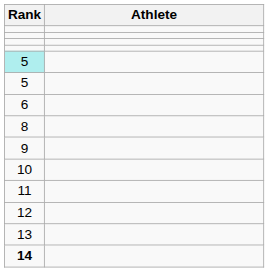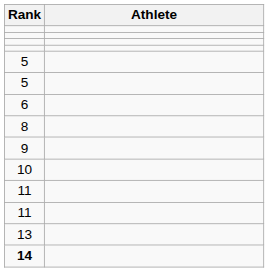 <table class="wikitable" style="text-align: center;">
 <tr>
 <th width=40>Rank</th>
 <th width=250>Athlete</th>
 </tr>
 <tr>
 <td></td>
 <td align=left></td>
 </tr>
 <tr>
 <td></td>
 <td align=left></td>
 </tr>
 <tr>
 <td></td>
 <td align=left></td>
 </tr>
 <tr>
 <td></td>
 <td align=left></td>
 </tr>
 <tr>
-<td style="background: paleturquoise;">5</td>
+<td>5</td>
 <td align=left></td>
 </tr>
 <tr>
 <td>5</td>
 <td align=left></td>
 </tr>
 <tr>
 <td>6</td>
 <td align=left></td>
 </tr>
 <tr>
 <td>8</td>
 <td align=left></td>
 </tr>
 <tr>
 <td>9</td>
 <td align=left></td>
 </tr>
 <tr>
 <td>10</td>
 <td align=left></td>
 </tr>
 <tr>
 <td>11</td>
 <td align=left></td>
 </tr>
 <tr>
-<td>12</td>
+<td>11</td>
 <td align=left></td>
 </tr>
 <tr>
 <td>13</td>
 <td align=left></td>
 </tr>
 <tr>
 <td><strong>14</strong></td>
 <td align=left></td>
 </tr>
 </table>
